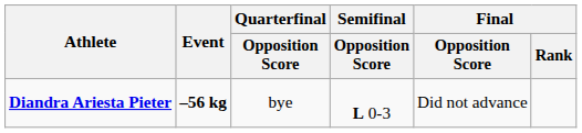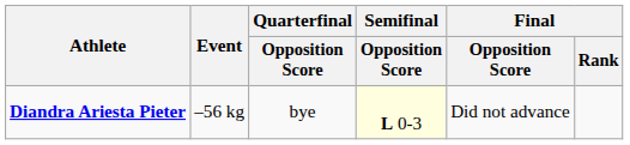 <table class="wikitable" style="font-size:88%";text-align:center>
 <tr>
 <th rowspan="2">Athlete</th>
 <th rowspan="2">Event</th>
 <th>Quarterfinal</th>
 <th>Semifinal</th>
 <th colspan=2>Final</th>
 </tr>
 <tr style="font-size:95%">
 <th>Opposition<br>Score</th>
 <th>Opposition<br>Score</th>
 <th>Opposition<br>Score</th>
 <th>Rank</th>
 </tr>
 <tr align="center">
 <td align=left><strong><a href='#'>Diandra Ariesta Pieter</a></strong></td>
-<td><strong>–56 kg</strong></td>
+<td>–56 kg</td>
 <td>bye</td>
-<td align="center"><br> <strong>L</strong> 0-3</td>
+<td align="center" style="background: lightyellow;"><br> <strong>L</strong> 0-3</td>
 <td>Did not advance</td>
 <td></td>
 </tr>
 </table>
